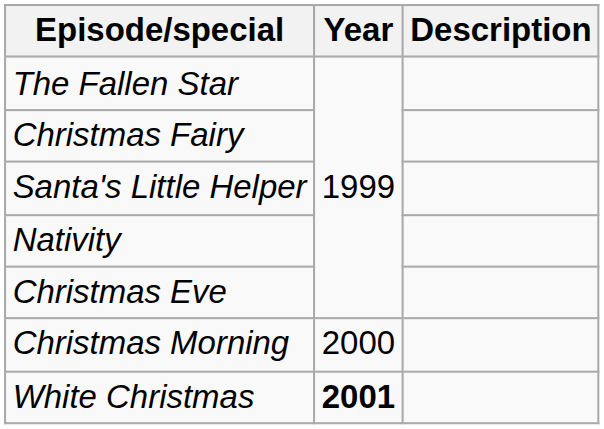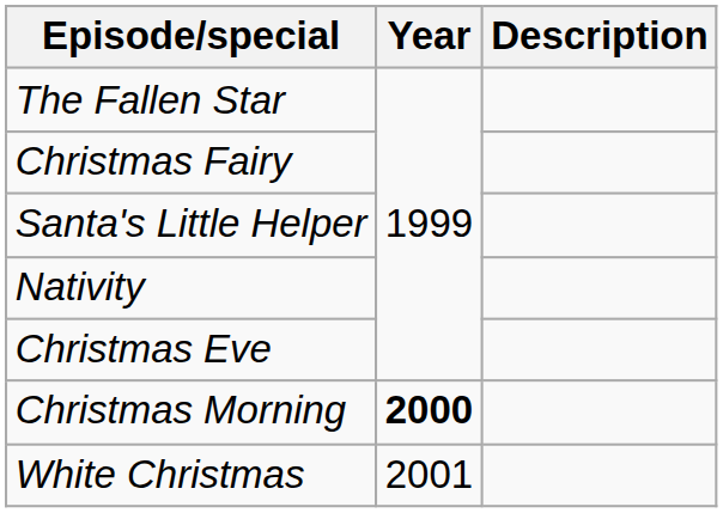 <table class="wikitable sortable">
 <tr>
 <th>Episode/special</th>
 <th>Year</th>
 <th>Description</th>
 </tr>
 <tr>
 <td><em>The Fallen Star</em></td>
 <td rowspan="5">1999</td>
 <td></td>
 </tr>
 <tr>
 <td><em> Christmas Fairy</em></td>
 <td></td>
 </tr>
 <tr>
 <td><em>Santa's Little Helper</em></td>
 <td></td>
 </tr>
 <tr>
 <td><em>Nativity</em></td>
 <td></td>
 </tr>
 <tr>
 <td><em>Christmas Eve</em></td>
 <td></td>
 </tr>
 <tr>
 <td><em>Christmas Morning</em></td>
-<td>2000</td>
+<td><strong>2000</strong></td>
 <td></td>
 </tr>
 <tr>
 <td><em>White Christmas</em></td>
-<td><strong>2001</strong></td>
+<td>2001</td>
 <td></td>
 </tr>
 </table>
